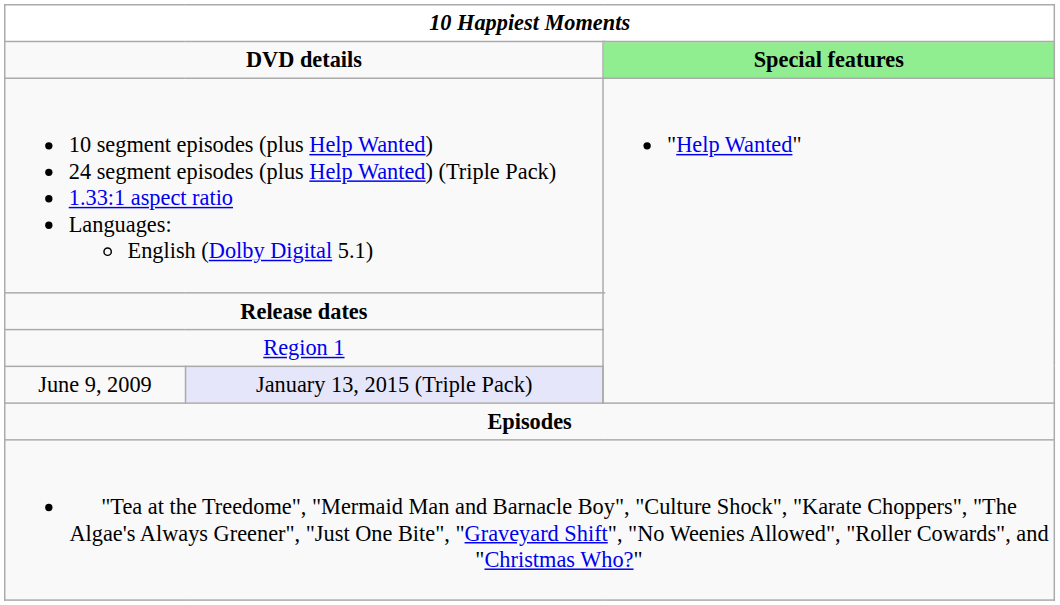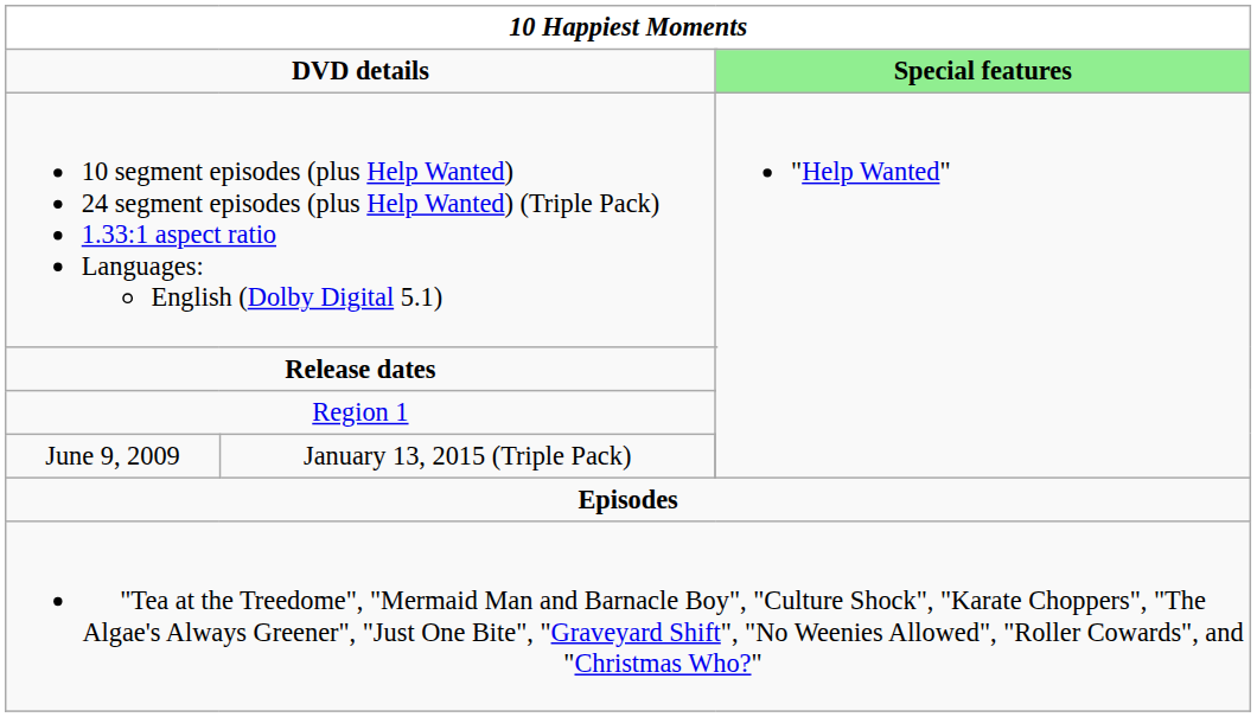 <table class="wikitable" style="font-size: 95%;">
 <tr style="background:#FFF; color:#000;">
 <td colspan="4" align="center"><strong><em>10 Happiest Moments</em></strong></td>
 </tr>
 <tr valign="top">
 <td style="text-align:center; width:400px;" colspan="3"><strong>DVD details</strong></td>
 <td style="background: lightgreen; width:300px; text-align:center;"><strong>Special features</strong></td>
 </tr>
 <tr valign="top">
 <td colspan="3" style="text-align:left; width:400px;"><br><ul><li>10 segment episodes (plus <a href='#'>Help Wanted</a>)</li><li>24 segment episodes (plus <a href='#'>Help Wanted</a>) (Triple Pack)</li><li><a href='#'>1.33:1 aspect ratio</a></li><li>Languages:<ul><li>English (<a href='#'>Dolby Digital</a> 5.1)</li></ul></li></ul></td>
 <td rowspan="4" style="text-align:left; width:300px;"><br><ul><li>"<a href='#'>Help Wanted</a>"</li></ul></td>
 </tr>
 <tr>
 <td colspan="3" style="text-align:center;"><strong>Release dates</strong></td>
 </tr>
 <tr>
 <td colspan="3" style="text-align:center;"><a href='#'>Region 1</a></td>
 </tr>
 <tr style="text-align:center;">
 <td>June 9, 2009</td>
-<td style="background: lavender;">January 13, 2015 (Triple Pack)</td>
+<td>January 13, 2015 (Triple Pack)</td>
 </tr>
 <tr>
 <td style="text-align:center; width:400px;" colspan="4"><strong>Episodes</strong></td>
 </tr>
 <tr>
 <td style="text-align:center; width:400px;" colspan="4"><br><ul><li>"Tea at the Treedome", "Mermaid Man and Barnacle Boy", "Culture Shock", "Karate Choppers", "The Algae's Always Greener", "Just One Bite", "<a href='#'>Graveyard Shift</a>", "No Weenies Allowed", "Roller Cowards", and "<a href='#'>Christmas Who?</a>"</li></ul></td>
 </tr>
 </table>
